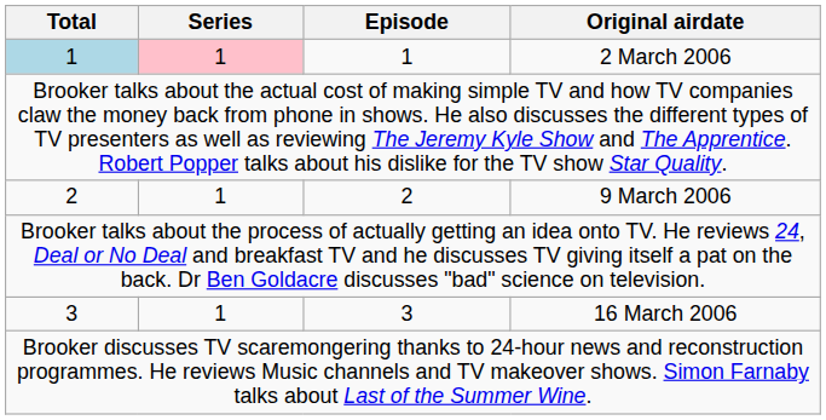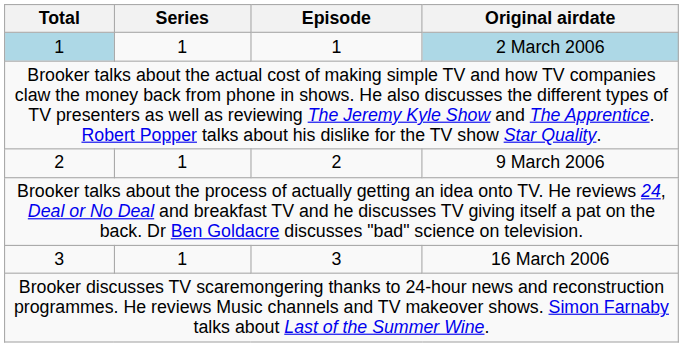 <table class="wikitable" style="text-align:center">
 <tr>
 <th>Total</th>
 <th>Series</th>
 <th>Episode</th>
 <th>Original airdate</th>
 </tr>
 <tr>
 <td style="background: lightblue;">1</td>
-<td style="background: pink;">1</td>
 <td>1</td>
-<td>2 March 2006</td>
+<td>1</td>
+<td style="background: lightblue;">2 March 2006</td>
 </tr>
 <tr>
 <td colspan="4">Brooker talks about the actual cost of making simple TV and how TV companies claw the money back from phone in shows. He also discusses the different types of TV presenters as well as reviewing <em><a href='#'>The Jeremy Kyle Show</a></em> and <em><a href='#'>The Apprentice</a></em>. <a href='#'>Robert Popper</a> talks about his dislike for the TV show <em><a href='#'>Star Quality</a></em>.</td>
 </tr>
 <tr>
 <td>2</td>
 <td>1</td>
 <td>2</td>
 <td>9 March 2006</td>
 </tr>
 <tr>
 <td colspan="4">Brooker talks about the process of actually getting an idea onto TV. He reviews <em><a href='#'>24</a></em>, <em><a href='#'>Deal or No Deal</a></em> and breakfast TV and he discusses TV giving itself a pat on the back. Dr <a href='#'>Ben Goldacre</a> discusses "bad" science on television.</td>
 </tr>
 <tr>
 <td>3</td>
 <td>1</td>
 <td>3</td>
 <td>16 March 2006</td>
 </tr>
 <tr>
 <td colspan="4">Brooker discusses TV scaremongering thanks to 24-hour news and reconstruction programmes. He reviews Music channels and TV makeover shows. <a href='#'>Simon Farnaby</a> talks about <em><a href='#'>Last of the Summer Wine</a></em>.</td>
 </tr>
 </table>
